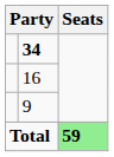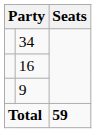 <table class="wikitable">
 <tr>
 <th colspan=2>Party</th>
 <th>Seats</th>
 </tr>
 <tr>
 <td></td>
-<td><strong>34</strong></td>
+<td>34</td>
 </tr>
 <tr>
 <td></td>
 <td>16</td>
 </tr>
 <tr>
 <td></td>
 <td>9</td>
 </tr>
 <tr>
 <td colspan="2"><strong>Total</strong></td>
-<td style="background: lightgreen;"><strong>59</strong></td>
+<td><strong>59</strong></td>
 </tr>
 </table>
